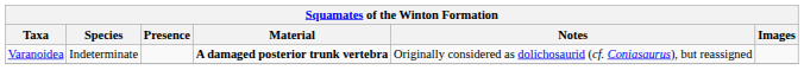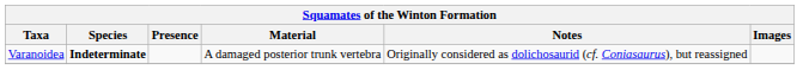 <table class="wikitable" align="center">
 <tr>
 <th colspan="6" align="center"><strong><a href='#'>Squamates</a></strong> of the Winton Formation</th>
 </tr>
 <tr>
 <th>Taxa</th>
 <th>Species</th>
 <th>Presence</th>
 <th>Material</th>
 <th>Notes</th>
 <th>Images</th>
 </tr>
 <tr>
 <td><a href='#'>Varanoidea</a></td>
-<td>Indeterminate</td>
+<td><strong>Indeterminate</strong></td>
 <td></td>
-<td><strong>A damaged posterior trunk vertebra</strong></td>
+<td>A damaged posterior trunk vertebra</td>
 <td>Originally considered as <a href='#'>dolichosaurid</a> (<em>cf. <a href='#'>Coniasaurus</a></em>), but reassigned</td>
 <td></td>
 </tr>
 <tr>
 </tr>
 </table>
